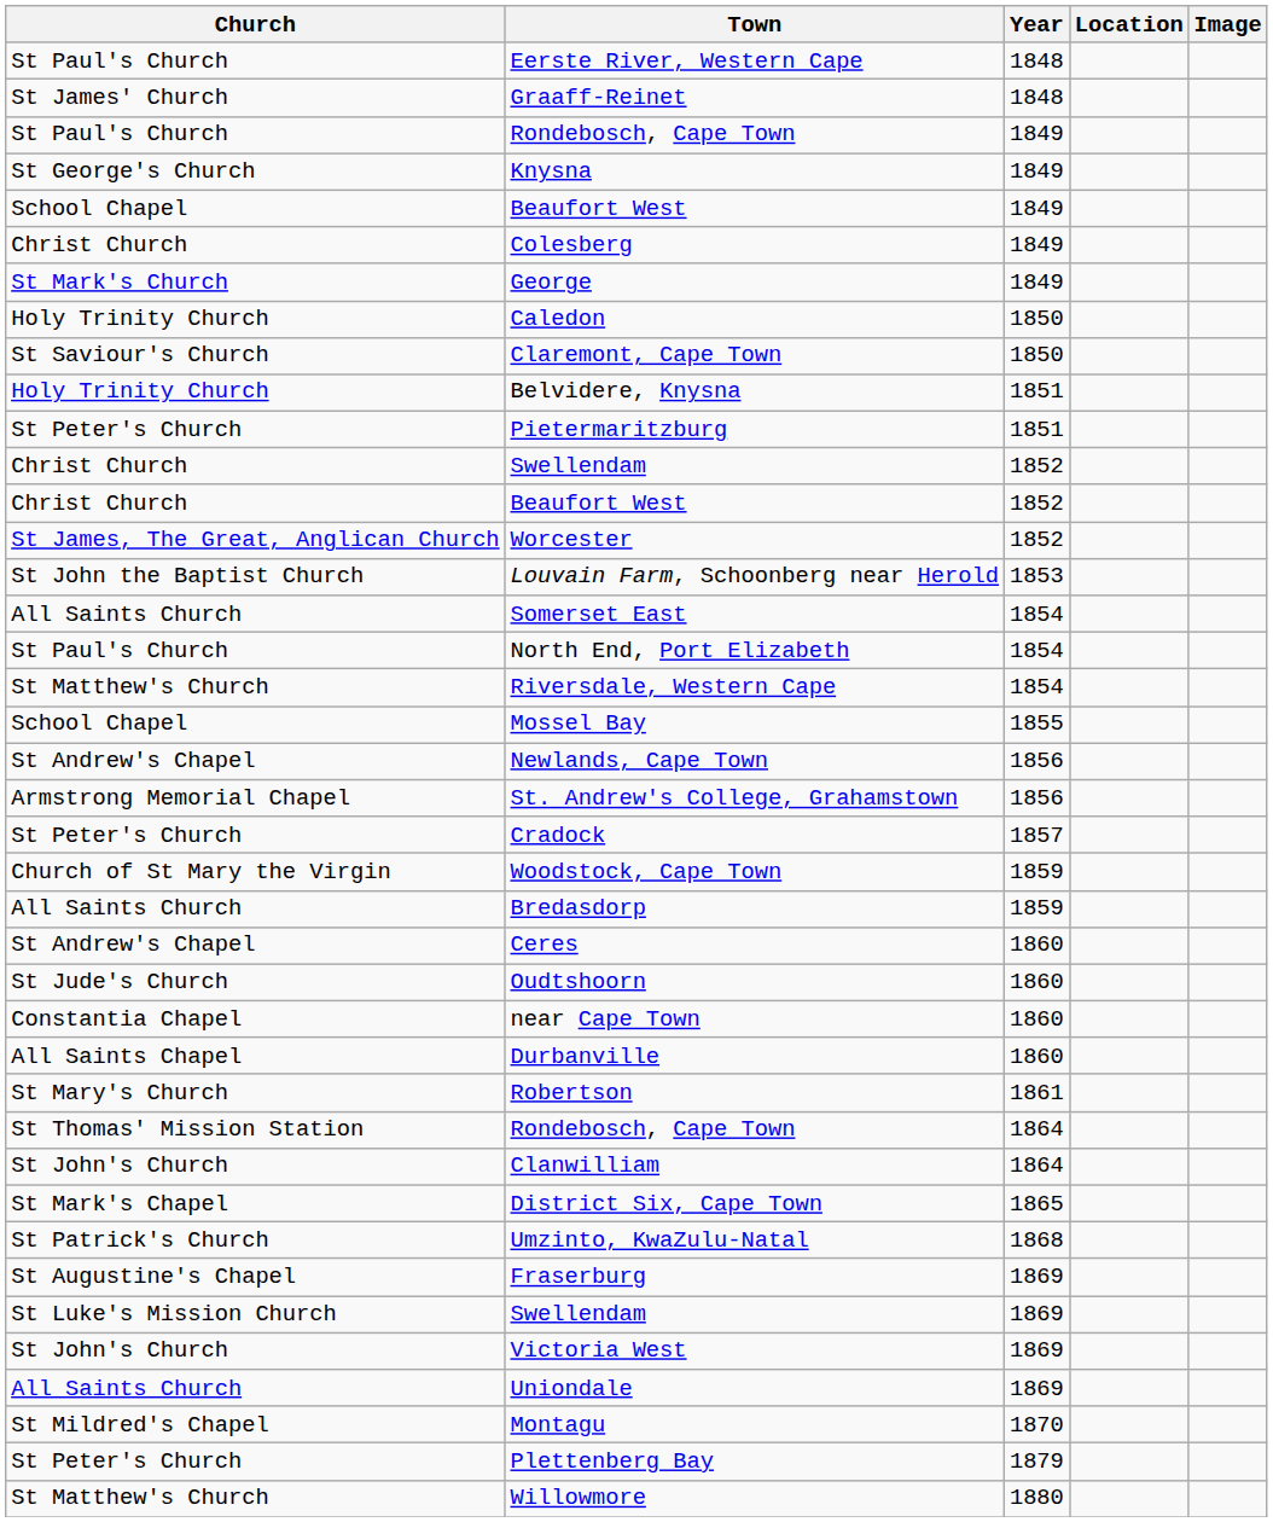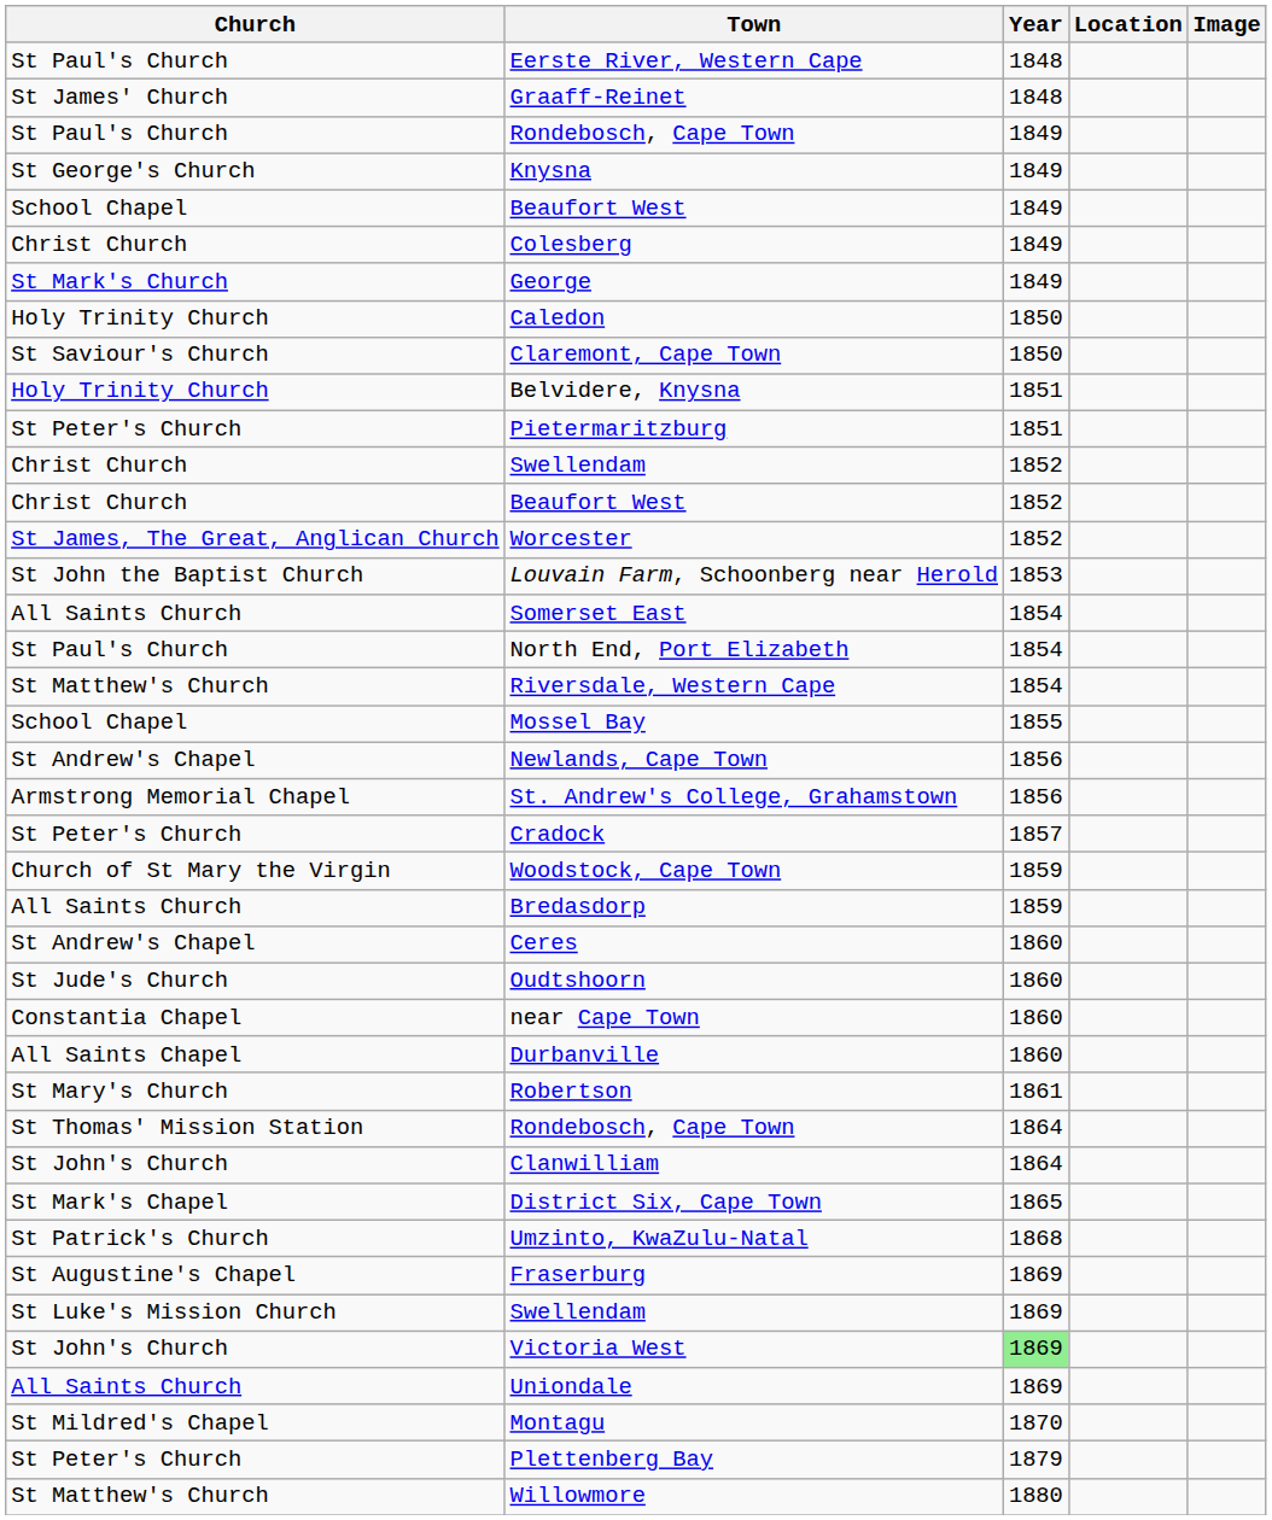 <table class="wikitable sortable">
 <tr>
 <th>Church</th>
 <th>Town</th>
 <th>Year</th>
 <th>Location</th>
 <th>Image</th>
 </tr>
 <tr>
 <td>St Paul's Church</td>
 <td><a href='#'>Eerste River, Western Cape</a></td>
 <td>1848</td>
 <td></td>
 <td></td>
 </tr>
 <tr>
 <td>St James' Church</td>
 <td><a href='#'>Graaff-Reinet</a></td>
 <td>1848</td>
 <td></td>
 <td></td>
 </tr>
 <tr>
 <td>St Paul's Church</td>
 <td><a href='#'>Rondebosch</a>, <a href='#'>Cape Town</a></td>
 <td>1849</td>
 <td></td>
 <td></td>
 </tr>
 <tr>
 <td>St George's Church</td>
 <td><a href='#'>Knysna</a></td>
 <td>1849</td>
 <td></td>
 <td></td>
 </tr>
 <tr>
 <td>School Chapel</td>
 <td><a href='#'>Beaufort West</a></td>
 <td>1849</td>
 <td></td>
 <td></td>
 </tr>
 <tr>
 <td>Christ Church</td>
 <td><a href='#'>Colesberg</a></td>
 <td>1849</td>
 <td></td>
 <td></td>
 </tr>
 <tr>
 <td><a href='#'>St Mark's Church</a></td>
 <td><a href='#'>George</a></td>
 <td>1849</td>
 <td></td>
 <td></td>
 </tr>
 <tr>
 <td>Holy Trinity Church</td>
 <td><a href='#'>Caledon</a></td>
 <td>1850</td>
 <td></td>
 <td></td>
 </tr>
 <tr>
 <td>St Saviour's Church</td>
 <td><a href='#'>Claremont, Cape Town</a></td>
 <td>1850</td>
 <td></td>
 <td></td>
 </tr>
 <tr>
 <td><a href='#'>Holy Trinity Church</a></td>
 <td>Belvidere, <a href='#'>Knysna</a></td>
 <td>1851</td>
 <td></td>
 <td></td>
 </tr>
 <tr>
 <td>St Peter's Church</td>
 <td><a href='#'>Pietermaritzburg</a></td>
 <td>1851</td>
 <td></td>
 <td></td>
 </tr>
 <tr>
 <td>Christ Church</td>
 <td><a href='#'>Swellendam</a></td>
 <td>1852</td>
 <td></td>
 <td></td>
 </tr>
 <tr>
 <td>Christ Church</td>
 <td><a href='#'>Beaufort West</a></td>
 <td>1852</td>
 <td></td>
 <td></td>
 </tr>
 <tr>
 <td><a href='#'>St James, The Great, Anglican Church</a></td>
 <td><a href='#'>Worcester</a></td>
 <td>1852</td>
 <td></td>
 <td></td>
 </tr>
 <tr>
 <td>St John the Baptist Church</td>
 <td><em>Louvain Farm</em>, Schoonberg near <a href='#'>Herold</a></td>
 <td>1853</td>
 <td></td>
 <td></td>
 </tr>
 <tr>
 <td>All Saints Church</td>
 <td><a href='#'>Somerset East</a></td>
 <td>1854</td>
 <td></td>
 <td></td>
 </tr>
 <tr>
 <td>St Paul's Church</td>
 <td>North End, <a href='#'>Port Elizabeth</a></td>
 <td>1854</td>
 <td></td>
 <td></td>
 </tr>
 <tr>
 <td>St Matthew's Church</td>
 <td><a href='#'>Riversdale, Western Cape</a></td>
 <td>1854</td>
 <td></td>
 <td></td>
 </tr>
 <tr>
 <td>School Chapel</td>
 <td><a href='#'>Mossel Bay</a></td>
 <td>1855</td>
 <td></td>
 <td></td>
 </tr>
 <tr>
 <td>St Andrew's Chapel</td>
 <td><a href='#'>Newlands, Cape Town</a></td>
 <td>1856</td>
 <td></td>
 <td></td>
 </tr>
 <tr>
 <td>Armstrong Memorial Chapel</td>
 <td><a href='#'>St. Andrew's College, Grahamstown</a></td>
 <td>1856</td>
 <td></td>
 <td></td>
 </tr>
 <tr>
 <td>St Peter's Church</td>
 <td><a href='#'>Cradock</a></td>
 <td>1857</td>
 <td></td>
 <td></td>
 </tr>
 <tr>
 <td>Church of St Mary the Virgin</td>
 <td><a href='#'>Woodstock, Cape Town</a></td>
 <td>1859</td>
 <td></td>
 <td></td>
 </tr>
 <tr>
 <td>All Saints Church</td>
 <td><a href='#'>Bredasdorp</a></td>
 <td>1859</td>
 <td></td>
 <td></td>
 </tr>
 <tr>
 <td>St Andrew's Chapel</td>
 <td><a href='#'>Ceres</a></td>
 <td>1860</td>
 <td></td>
 <td></td>
 </tr>
 <tr>
 <td>St Jude's Church</td>
 <td><a href='#'>Oudtshoorn</a></td>
 <td>1860</td>
 <td></td>
 <td></td>
 </tr>
 <tr>
 <td>Constantia Chapel</td>
 <td>near <a href='#'>Cape Town</a></td>
 <td>1860</td>
 <td></td>
 <td></td>
 </tr>
 <tr>
 <td>All Saints Chapel</td>
 <td><a href='#'>Durbanville</a></td>
 <td>1860</td>
 <td></td>
 <td></td>
 </tr>
 <tr>
 <td>St Mary's Church</td>
 <td><a href='#'>Robertson</a></td>
 <td>1861</td>
 <td></td>
 <td></td>
 </tr>
 <tr>
 <td>St Thomas' Mission Station</td>
 <td><a href='#'>Rondebosch</a>, <a href='#'>Cape Town</a></td>
 <td>1864</td>
 <td></td>
 <td></td>
 </tr>
 <tr>
 <td>St John's Church</td>
 <td><a href='#'>Clanwilliam</a></td>
 <td>1864</td>
 <td></td>
 <td></td>
 </tr>
 <tr>
 <td>St Mark's Chapel</td>
 <td><a href='#'>District Six, Cape Town</a></td>
 <td>1865</td>
 <td></td>
 <td></td>
 </tr>
 <tr>
 <td>St Patrick's Church</td>
 <td><a href='#'>Umzinto, KwaZulu-Natal</a></td>
 <td>1868</td>
 <td></td>
 <td></td>
 </tr>
 <tr>
 <td>St Augustine's Chapel</td>
 <td><a href='#'>Fraserburg</a></td>
 <td>1869</td>
 <td></td>
 <td></td>
 </tr>
 <tr>
 <td>St Luke's Mission Church</td>
 <td><a href='#'>Swellendam</a></td>
 <td>1869</td>
 <td></td>
 <td></td>
 </tr>
 <tr>
 <td>St John's Church</td>
 <td><a href='#'>Victoria West</a></td>
-<td>1869</td>
+<td style="background: lightgreen;">1869</td>
 <td></td>
 <td></td>
 </tr>
 <tr>
 <td><a href='#'>All Saints Church</a></td>
 <td><a href='#'>Uniondale</a></td>
 <td>1869</td>
 <td></td>
 <td></td>
 </tr>
 <tr>
 <td>St Mildred's Chapel</td>
 <td><a href='#'>Montagu</a></td>
 <td>1870</td>
 <td></td>
 <td></td>
 </tr>
 <tr>
 <td>St Peter's Church</td>
 <td><a href='#'>Plettenberg Bay</a></td>
 <td>1879</td>
 <td></td>
 <td></td>
 </tr>
 <tr>
 <td>St Matthew's Church</td>
 <td><a href='#'>Willowmore</a></td>
 <td>1880</td>
 <td></td>
 <td></td>
 </tr>
 </table>
